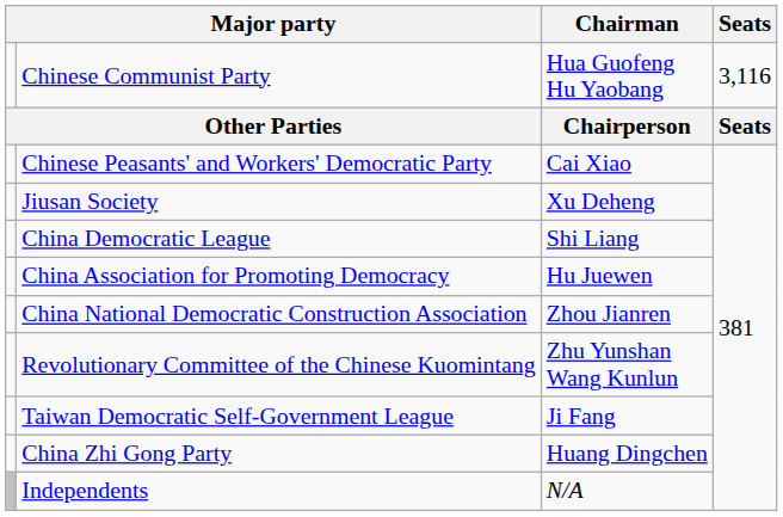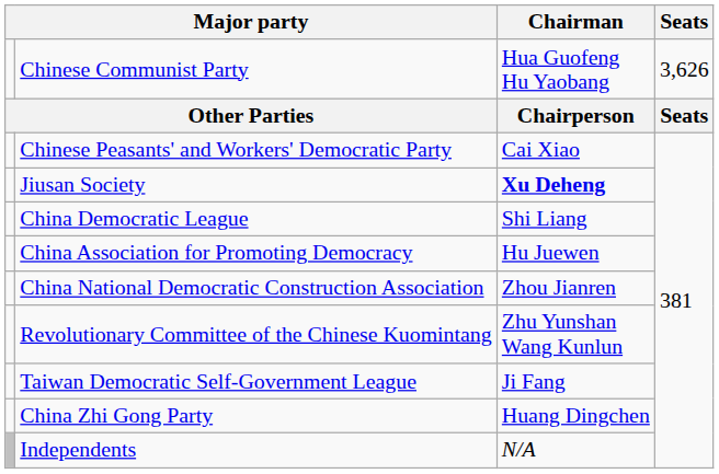 <table class="wikitable">
 <tr>
 <th colspan="2">Major party</th>
 <th>Chairman</th>
 <th>Seats</th>
 </tr>
 <tr>
 <td style="background: "></td>
 <td><a href='#'>Chinese Communist Party</a></td>
 <td><a href='#'>Hua Guofeng</a><br><a href='#'>Hu Yaobang</a></td>
-<td>3,116</td>
+<td>3,626</td>
 </tr>
 <tr>
 <th colspan="2">Other Parties</th>
 <th>Chairperson</th>
 <th>Seats</th>
 </tr>
 <tr>
 <td style="background: "></td>
 <td><a href='#'>Chinese Peasants' and Workers' Democratic Party</a></td>
 <td><a href='#'>Cai Xiao</a></td>
 <td rowspan="9">381</td>
 </tr>
 <tr>
 <td style="background: "></td>
 <td><a href='#'>Jiusan Society</a></td>
-<td><a href='#'>Xu Deheng</a></td>
+<td><strong><a href='#'>Xu Deheng</a></strong></td>
 </tr>
 <tr>
 <td style="background: "></td>
 <td><a href='#'>China Democratic League</a></td>
 <td><a href='#'>Shi Liang</a></td>
 </tr>
 <tr>
 <td style="background: "></td>
 <td><a href='#'>China Association for Promoting Democracy</a></td>
 <td><a href='#'>Hu Juewen</a></td>
 </tr>
 <tr>
 <td style="background: "></td>
 <td><a href='#'>China National Democratic Construction Association</a></td>
 <td><a href='#'>Zhou Jianren</a></td>
 </tr>
 <tr>
 <td style="background: "></td>
 <td><a href='#'>Revolutionary Committee of the Chinese Kuomintang</a></td>
 <td><a href='#'>Zhu Yunshan</a><br><a href='#'>Wang Kunlun</a></td>
 </tr>
 <tr>
 <td style="background: "></td>
 <td><a href='#'>Taiwan Democratic Self-Government League</a></td>
 <td><a href='#'>Ji Fang</a></td>
 </tr>
 <tr>
 <td style="background: "></td>
 <td><a href='#'>China Zhi Gong Party</a></td>
 <td><a href='#'>Huang Dingchen</a></td>
 </tr>
 <tr>
 <td style="background: #C0C0C0"></td>
 <td><a href='#'>Independents</a></td>
 <td><em>N/A</em></td>
 </tr>
 </table>
